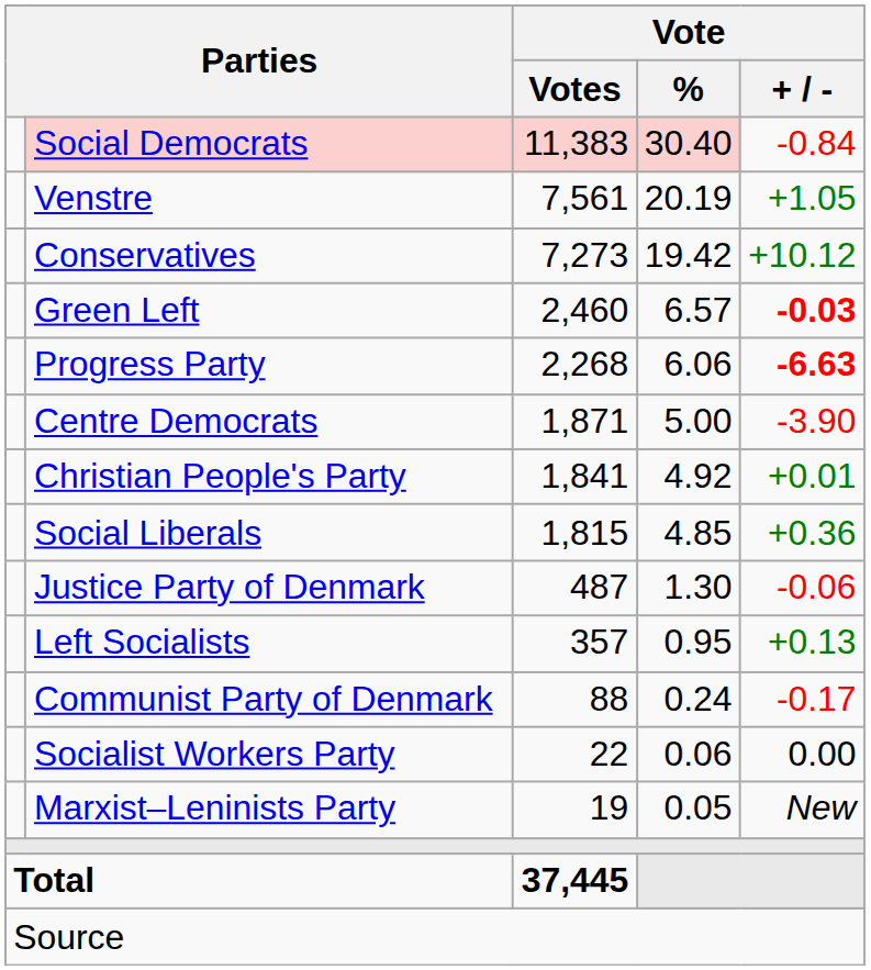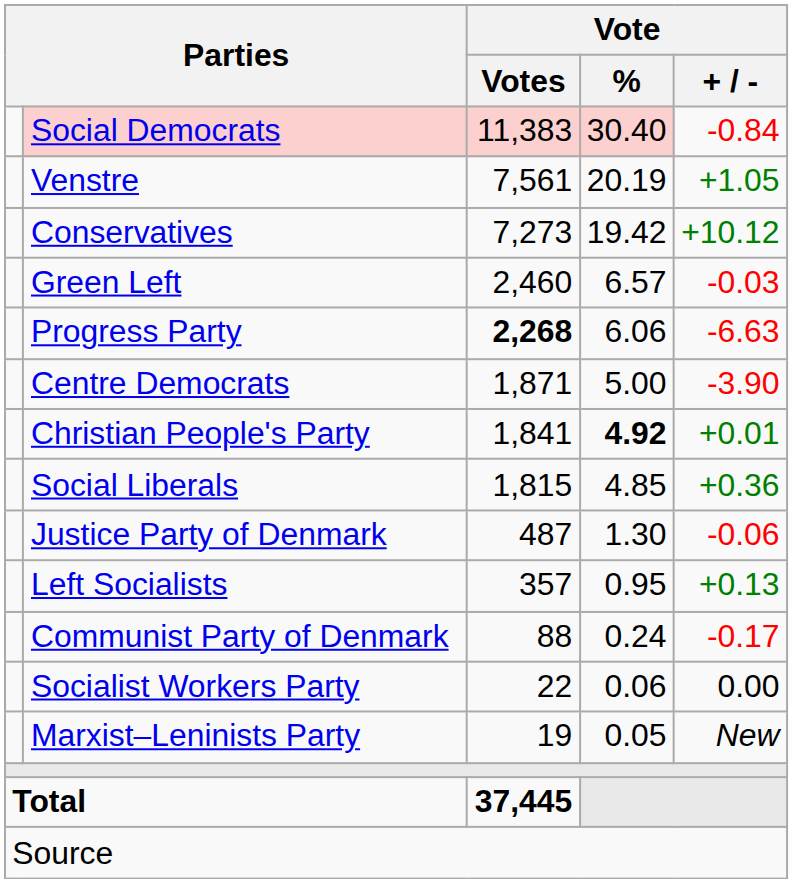 <table class="wikitable" style="text-align:right;">
 <tr>
 <th style="text-align:centre;" rowspan="2" colspan="2" width="225">Parties</th>
 <th colspan="3">Vote</th>
 </tr>
 <tr>
 <th width="15">Votes</th>
 <th width="15">%</th>
 <th width="15">+ / -</th>
 </tr>
 <tr>
 <td width="2" style="color:inherit;background:"></td>
 <td bgcolor=#fbd0ce  align="left"><a href='#'>Social Democrats</a></td>
 <td bgcolor=#fbd0ce>11,383</td>
 <td bgcolor=#fbd0ce>30.40</td>
 <td style=color:red;>-0.84</td>
 </tr>
 <tr>
 <td width="2" style="color:inherit;background:"></td>
 <td align="left"><a href='#'>Venstre</a></td>
 <td>7,561</td>
 <td>20.19</td>
 <td style=color:green;>+1.05</td>
 </tr>
 <tr>
 <td width="2" style="color:inherit;background:"></td>
 <td align="left"><a href='#'>Conservatives</a></td>
 <td>7,273</td>
 <td>19.42</td>
 <td style=color:green;>+10.12</td>
 </tr>
 <tr>
 <td width="2" style="color:inherit;background:"></td>
 <td align="left"><a href='#'>Green Left</a></td>
 <td>2,460</td>
 <td>6.57</td>
-<td style=color:red;><strong>-0.03</strong></td>
+<td style=color:red;>-0.03</td>
 </tr>
 <tr>
 <td width="2" style="color:inherit;background:"></td>
 <td align="left"><a href='#'>Progress Party</a></td>
-<td>2,268</td>
+<td><strong>2,268</strong></td>
 <td>6.06</td>
-<td style=color:red;><strong>-6.63</strong></td>
+<td style=color:red;>-6.63</td>
 </tr>
 <tr>
 <td width="2" style="color:inherit;background:"></td>
 <td align="left"><a href='#'>Centre Democrats</a></td>
 <td>1,871</td>
 <td>5.00</td>
 <td style=color:red;>-3.90</td>
 </tr>
 <tr>
 <td width="2" style="color:inherit;background:"></td>
 <td align="left"><a href='#'>Christian People's Party</a></td>
 <td>1,841</td>
-<td>4.92</td>
+<td><strong>4.92</strong></td>
 <td style=color:green;>+0.01</td>
 </tr>
 <tr>
 <td width="2" style="color:inherit;background:"></td>
 <td align="left"><a href='#'>Social Liberals</a></td>
 <td>1,815</td>
 <td>4.85</td>
 <td style=color:green;>+0.36</td>
 </tr>
 <tr>
 <td width="2" style="color:inherit;background:"></td>
 <td align="left"><a href='#'>Justice Party of Denmark</a></td>
 <td>487</td>
 <td>1.30</td>
 <td style=color:red;>-0.06</td>
 </tr>
 <tr>
 <td width="2" style="color:inherit;background:"></td>
 <td align="left"><a href='#'>Left Socialists</a></td>
 <td>357</td>
 <td>0.95</td>
 <td style=color:green;>+0.13</td>
 </tr>
 <tr>
 <td width="2" style="color:inherit;background:"></td>
 <td align="left"><a href='#'>Communist Party of Denmark</a></td>
 <td>88</td>
 <td>0.24</td>
 <td style=color:red;>-0.17</td>
 </tr>
 <tr>
 <td width="2" style="color:inherit;background:"></td>
 <td align="left"><a href='#'>Socialist Workers Party</a></td>
 <td>22</td>
 <td>0.06</td>
 <td>0.00</td>
 </tr>
 <tr>
 <td width="2" style="color:inherit;background:"></td>
 <td align="left"><a href='#'>Marxist–Leninists Party</a></td>
 <td>19</td>
 <td>0.05</td>
 <td><em>New</em></td>
 </tr>
 <tr>
 <td colspan="7" bgcolor="#E9E9E9"></td>
 </tr>
 <tr>
 <td align="left" colspan="2"><strong>Total</strong></td>
 <td><strong>37,445</strong></td>
 <td bgcolor="#E9E9E9" colspan="2"></td>
 </tr>
 <tr>
 <td align="left" colspan="6">Source</td>
 </tr>
 </table>
